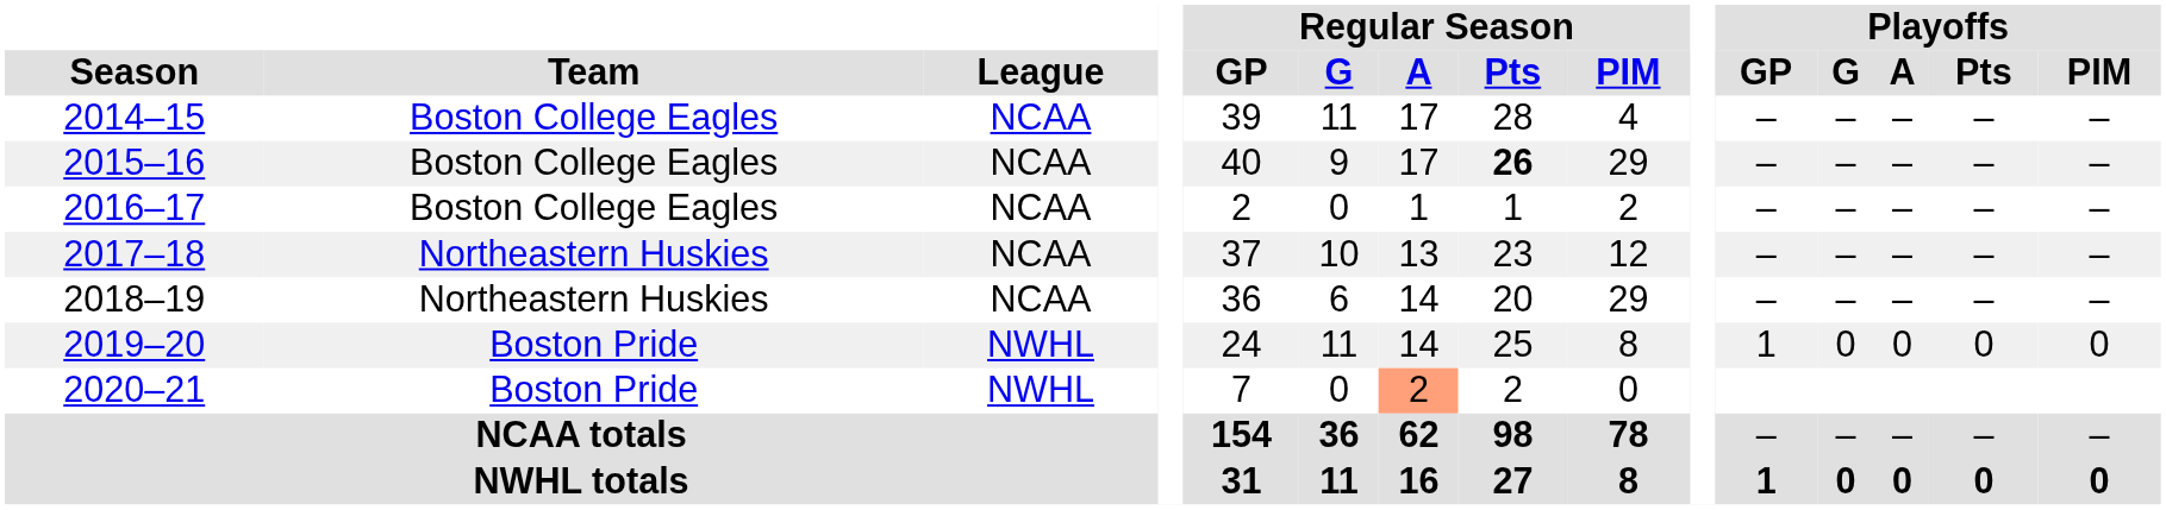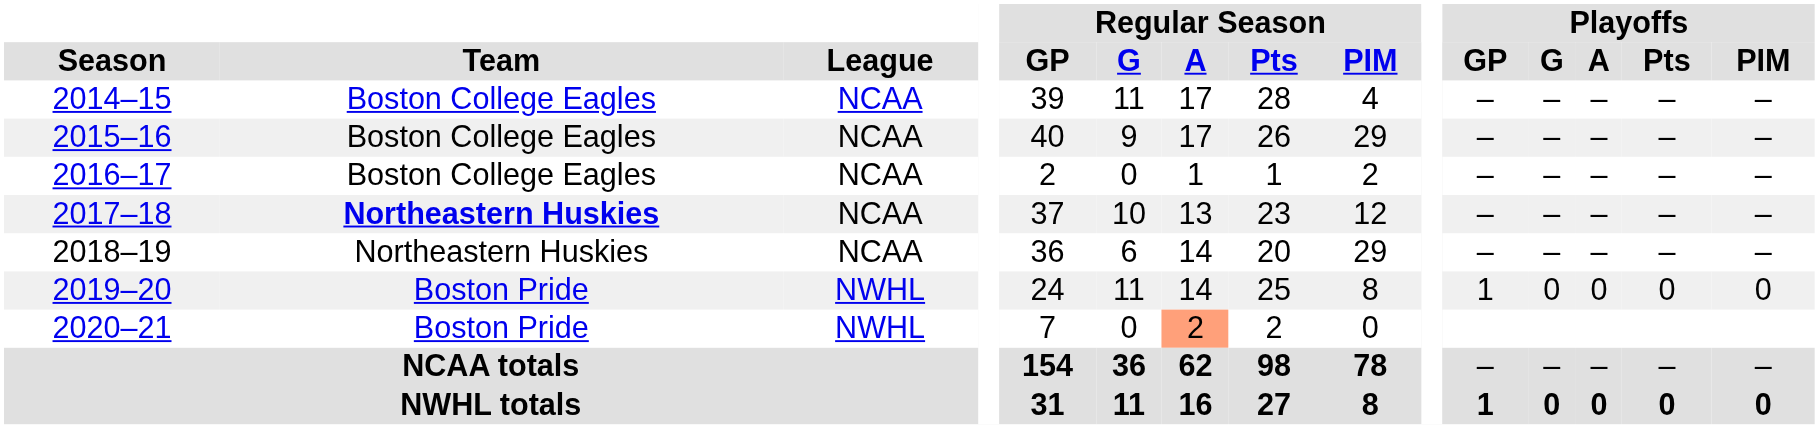 <table border="0" cellpadding="1" cellspacing="0" style="text-align:center; width:75%">
 <tr bgcolor="#e0e0e0">
 <th colspan="3"  bgcolor="#ffffff"> </th>
 <th rowspan="99" bgcolor="#ffffff"> </th>
 <th colspan="5">Regular Season</th>
 <th rowspan="99" bgcolor="#ffffff"> </th>
 <th colspan="5">Playoffs</th>
 </tr>
 <tr bgcolor="#e0e0e0">
 <th>Season</th>
 <th>Team</th>
 <th>League</th>
 <th>GP</th>
 <th><a href='#'>G</a></th>
 <th><a href='#'>A</a></th>
 <th><a href='#'>Pts</a></th>
 <th><a href='#'>PIM</a></th>
 <th>GP</th>
 <th>G</th>
 <th>A</th>
 <th>Pts</th>
 <th>PIM</th>
 </tr>
 <tr>
 <td><a href='#'>2014–15</a></td>
 <td><a href='#'>Boston College Eagles</a></td>
 <td><a href='#'>NCAA</a></td>
 <td>39</td>
 <td>11</td>
 <td>17</td>
 <td>28</td>
 <td>4</td>
 <td>–</td>
 <td>–</td>
 <td>–</td>
 <td>–</td>
 <td>–</td>
 </tr>
 <tr bgcolor="#f0f0f0">
 <td><a href='#'>2015–16</a></td>
 <td>Boston College Eagles</td>
 <td>NCAA</td>
 <td>40</td>
 <td>9</td>
 <td>17</td>
-<td><strong>26</strong></td>
+<td>26</td>
 <td>29</td>
 <td>–</td>
 <td>–</td>
 <td>–</td>
 <td>–</td>
 <td>–</td>
 </tr>
 <tr>
 <td><a href='#'>2016–17</a></td>
 <td>Boston College Eagles</td>
 <td>NCAA</td>
 <td>2</td>
 <td>0</td>
 <td>1</td>
 <td>1</td>
 <td>2</td>
 <td>–</td>
 <td>–</td>
 <td>–</td>
 <td>–</td>
 <td>–</td>
 </tr>
 <tr bgcolor="#f0f0f0">
 <td><a href='#'>2017–18</a></td>
-<td><a href='#'>Northeastern Huskies</a></td>
+<td><strong><a href='#'>Northeastern Huskies</a></strong></td>
 <td>NCAA</td>
 <td>37</td>
 <td>10</td>
 <td>13</td>
 <td>23</td>
 <td>12</td>
 <td>–</td>
 <td>–</td>
 <td>–</td>
 <td>–</td>
 <td>–</td>
 </tr>
 <tr>
 <td>2018–19</td>
 <td>Northeastern Huskies</td>
 <td>NCAA</td>
 <td>36</td>
 <td>6</td>
 <td>14</td>
 <td>20</td>
 <td>29</td>
 <td>–</td>
 <td>–</td>
 <td>–</td>
 <td>–</td>
 <td>–</td>
 </tr>
 <tr bgcolor="#f0f0f0">
 <td><a href='#'>2019–20</a></td>
 <td><a href='#'>Boston Pride</a></td>
 <td><a href='#'>NWHL</a></td>
 <td>24</td>
 <td>11</td>
 <td>14</td>
 <td>25</td>
 <td>8</td>
 <td>1</td>
 <td>0</td>
 <td>0</td>
 <td>0</td>
 <td>0</td>
 </tr>
 <tr>
 <td><a href='#'>2020–21</a></td>
 <td><a href='#'>Boston Pride</a></td>
 <td><a href='#'>NWHL</a></td>
 <td>7</td>
 <td>0</td>
 <td style="background: lightsalmon;">2</td>
 <td>2</td>
 <td>0</td>
 <td></td>
 <td></td>
 <td></td>
 <td></td>
 <td></td>
 </tr>
 <tr bgcolor="#e0e0e0">
 <th colspan="3">NCAA totals</th>
 <th>154</th>
 <th>36</th>
 <th>62</th>
 <th>98</th>
 <th>78</th>
 <td>–</td>
 <td>–</td>
 <td>–</td>
 <td>–</td>
 <td>–</td>
 </tr>
 <tr bgcolor="#e0e0e0">
 <th colspan="3">NWHL totals</th>
 <th>31</th>
 <th>11</th>
 <th>16</th>
 <th>27</th>
 <th>8</th>
 <th>1</th>
 <th>0</th>
 <th>0</th>
 <th>0</th>
 <th>0</th>
 </tr>
 </table>
